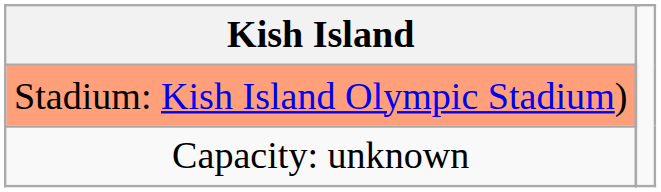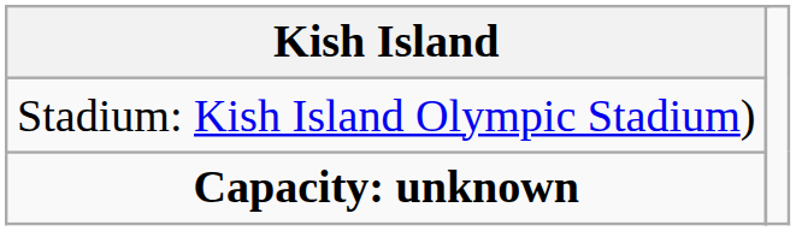 <table class="wikitable" style="text-align:center">
 <tr>
 <th colspan="2">Kish Island</th>
 <td rowspan=4></td>
 </tr>
 <tr>
-<td style="background: lightsalmon;">Stadium: <a href='#'>Kish Island Olympic Stadium</a>)</td>
+<td>Stadium: <a href='#'>Kish Island Olympic Stadium</a>)</td>
 </tr>
 <tr>
-<td>Capacity: unknown</td>
+<td><strong>Capacity: unknown</strong></td>
 </tr>
 </table>
